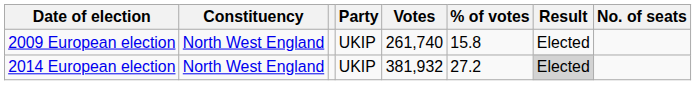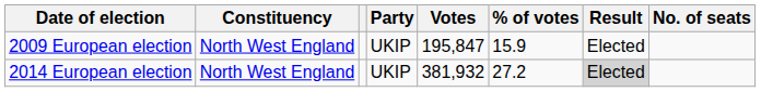 <table class="wikitable">
 <tr>
 <th>Date of election</th>
 <th>Constituency</th>
 <th></th>
 <th>Party</th>
 <th>Votes</th>
 <th>% of votes</th>
 <th>Result</th>
 <th>No. of seats</th>
 </tr>
 <tr>
 <td><a href='#'>2009 European election</a></td>
 <td><a href='#'>North West England</a></td>
 <td style="background-color: "></td>
 <td>UKIP</td>
-<td>261,740</td>
-<td>15.8</td>
+<td>195,847</td>
+<td>15.9</td>
 <td>Elected</td>
 <td></td>
 </tr>
 <tr>
 <td><a href='#'>2014 European election</a></td>
 <td><a href='#'>North West England</a></td>
 <td style="background-color: "></td>
 <td>UKIP</td>
 <td>381,932</td>
 <td>27.2</td>
 <td style="background: lightgrey;">Elected</td>
 <td></td>
 </tr>
 </table>
